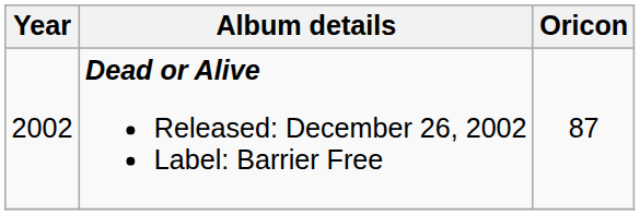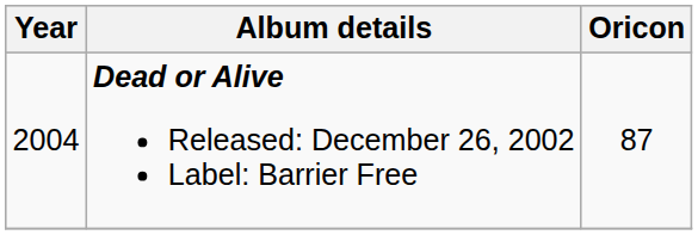 <table class="wikitable">
 <tr>
 <th>Year</th>
 <th>Album details</th>
 <th>Oricon</th>
 </tr>
 <tr>
-<td>2002</td>
+<td>2004</td>
 <td><strong><em>Dead or Alive</em></strong><br><ul><li>Released: December 26, 2002</li><li>Label: Barrier Free</li></ul></td>
 <td align="center">87</td>
 </tr>
 <tr>
 </tr>
 </table>
